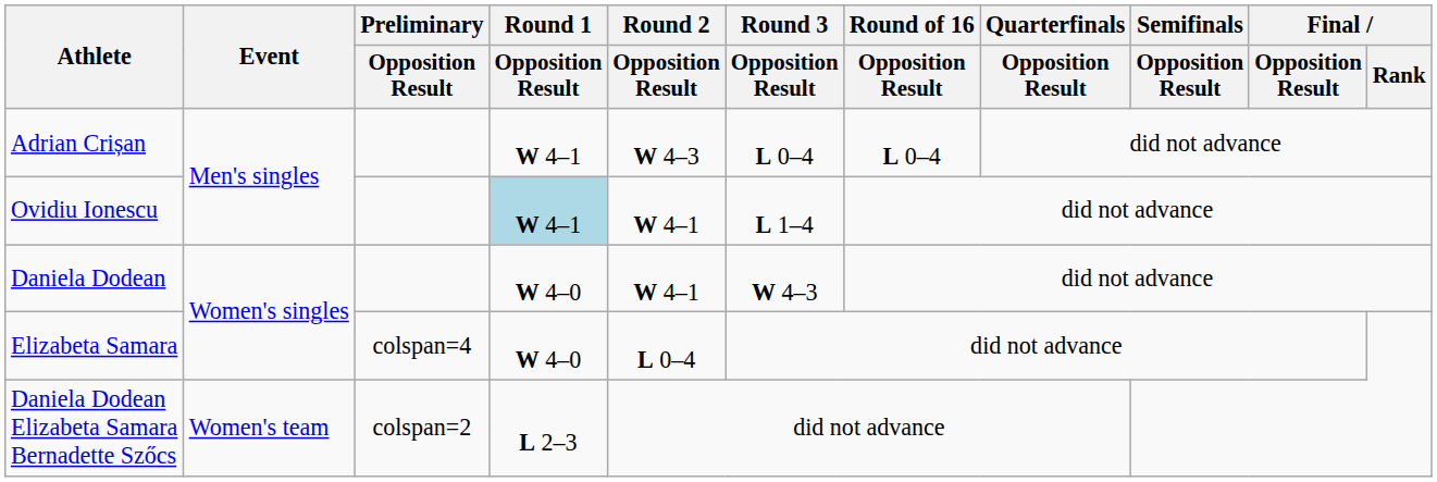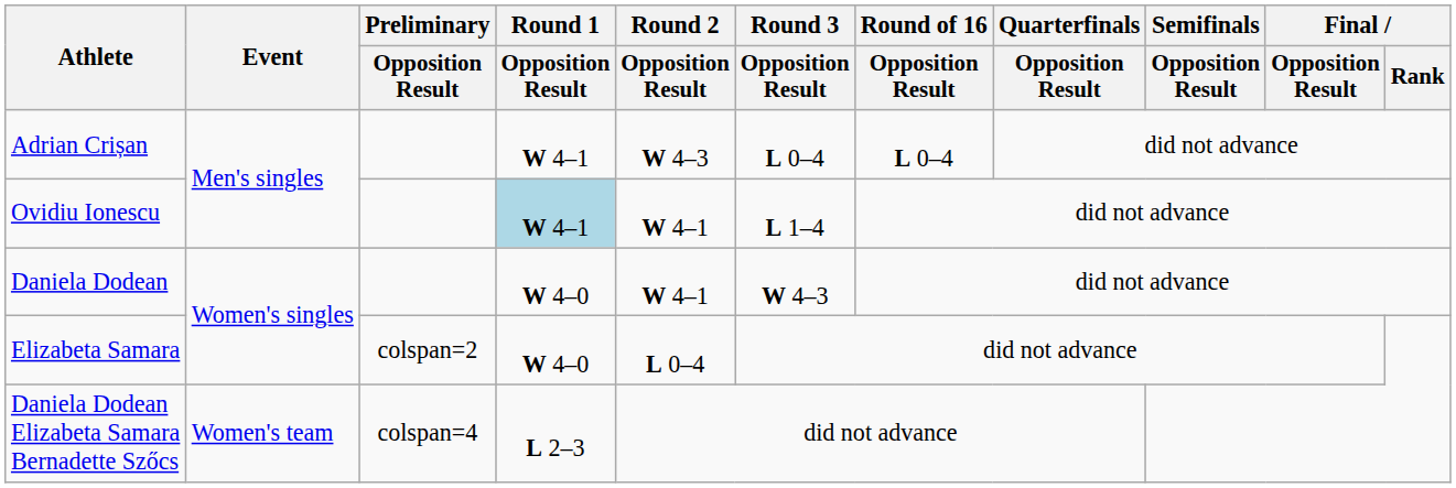 <table class="wikitable" style="font-size:90%;">
 <tr>
 <th rowspan=2>Athlete</th>
 <th rowspan=2>Event</th>
 <th>Preliminary</th>
 <th>Round 1</th>
 <th>Round 2</th>
 <th>Round 3</th>
 <th>Round of 16</th>
 <th>Quarterfinals</th>
 <th>Semifinals</th>
 <th colspan=2>Final / </th>
 </tr>
 <tr style="font-size:95%">
 <th>Opposition<br>Result</th>
 <th>Opposition<br>Result</th>
 <th>Opposition<br>Result</th>
 <th>Opposition<br>Result</th>
 <th>Opposition<br>Result</th>
 <th>Opposition<br>Result</th>
 <th>Opposition<br>Result</th>
 <th>Opposition<br>Result</th>
 <th>Rank</th>
 </tr>
 <tr align=center>
 <td align=left><a href='#'>Adrian Crișan</a></td>
 <td align=left rowspan=2><a href='#'>Men's singles</a></td>
 <td></td>
 <td><br><strong>W</strong> 4–1</td>
 <td><br><strong>W</strong> 4–3</td>
 <td><br><strong>L</strong> 0–4</td>
 <td><br><strong>L</strong> 0–4</td>
 <td colspan=4>did not advance</td>
 </tr>
 <tr align=center>
 <td align=left><a href='#'>Ovidiu Ionescu</a></td>
 <td></td>
 <td style="background: lightblue;"><br><strong>W</strong> 4–1</td>
 <td><br><strong>W</strong> 4–1</td>
 <td><br><strong>L</strong> 1–4</td>
 <td colspan=5>did not advance</td>
 </tr>
 <tr align=center>
 <td align=left><a href='#'>Daniela Dodean</a></td>
 <td align=left rowspan=2><a href='#'>Women's singles</a></td>
 <td></td>
 <td><br><strong>W</strong> 4–0</td>
 <td><br><strong>W</strong> 4–1</td>
 <td><br><strong>W</strong> 4–3</td>
 <td colspan=5>did not advance</td>
 </tr>
 <tr align=center>
 <td align=left><a href='#'>Elizabeta Samara</a></td>
-<td>colspan=4 </td>
+<td>colspan=2 </td>
 <td><br><strong>W</strong> 4–0</td>
 <td><br><strong>L</strong> 0–4</td>
 <td colspan=5>did not advance</td>
 </tr>
 <tr align=center>
 <td align=left><a href='#'>Daniela Dodean</a><br><a href='#'>Elizabeta Samara</a><br><a href='#'>Bernadette Szőcs</a></td>
 <td align=left><a href='#'>Women's team</a></td>
-<td>colspan=2 </td>
+<td>colspan=4 </td>
 <td><br><strong>L</strong> 2–3</td>
 <td colspan=4>did not advance</td>
 </tr>
 </table>
